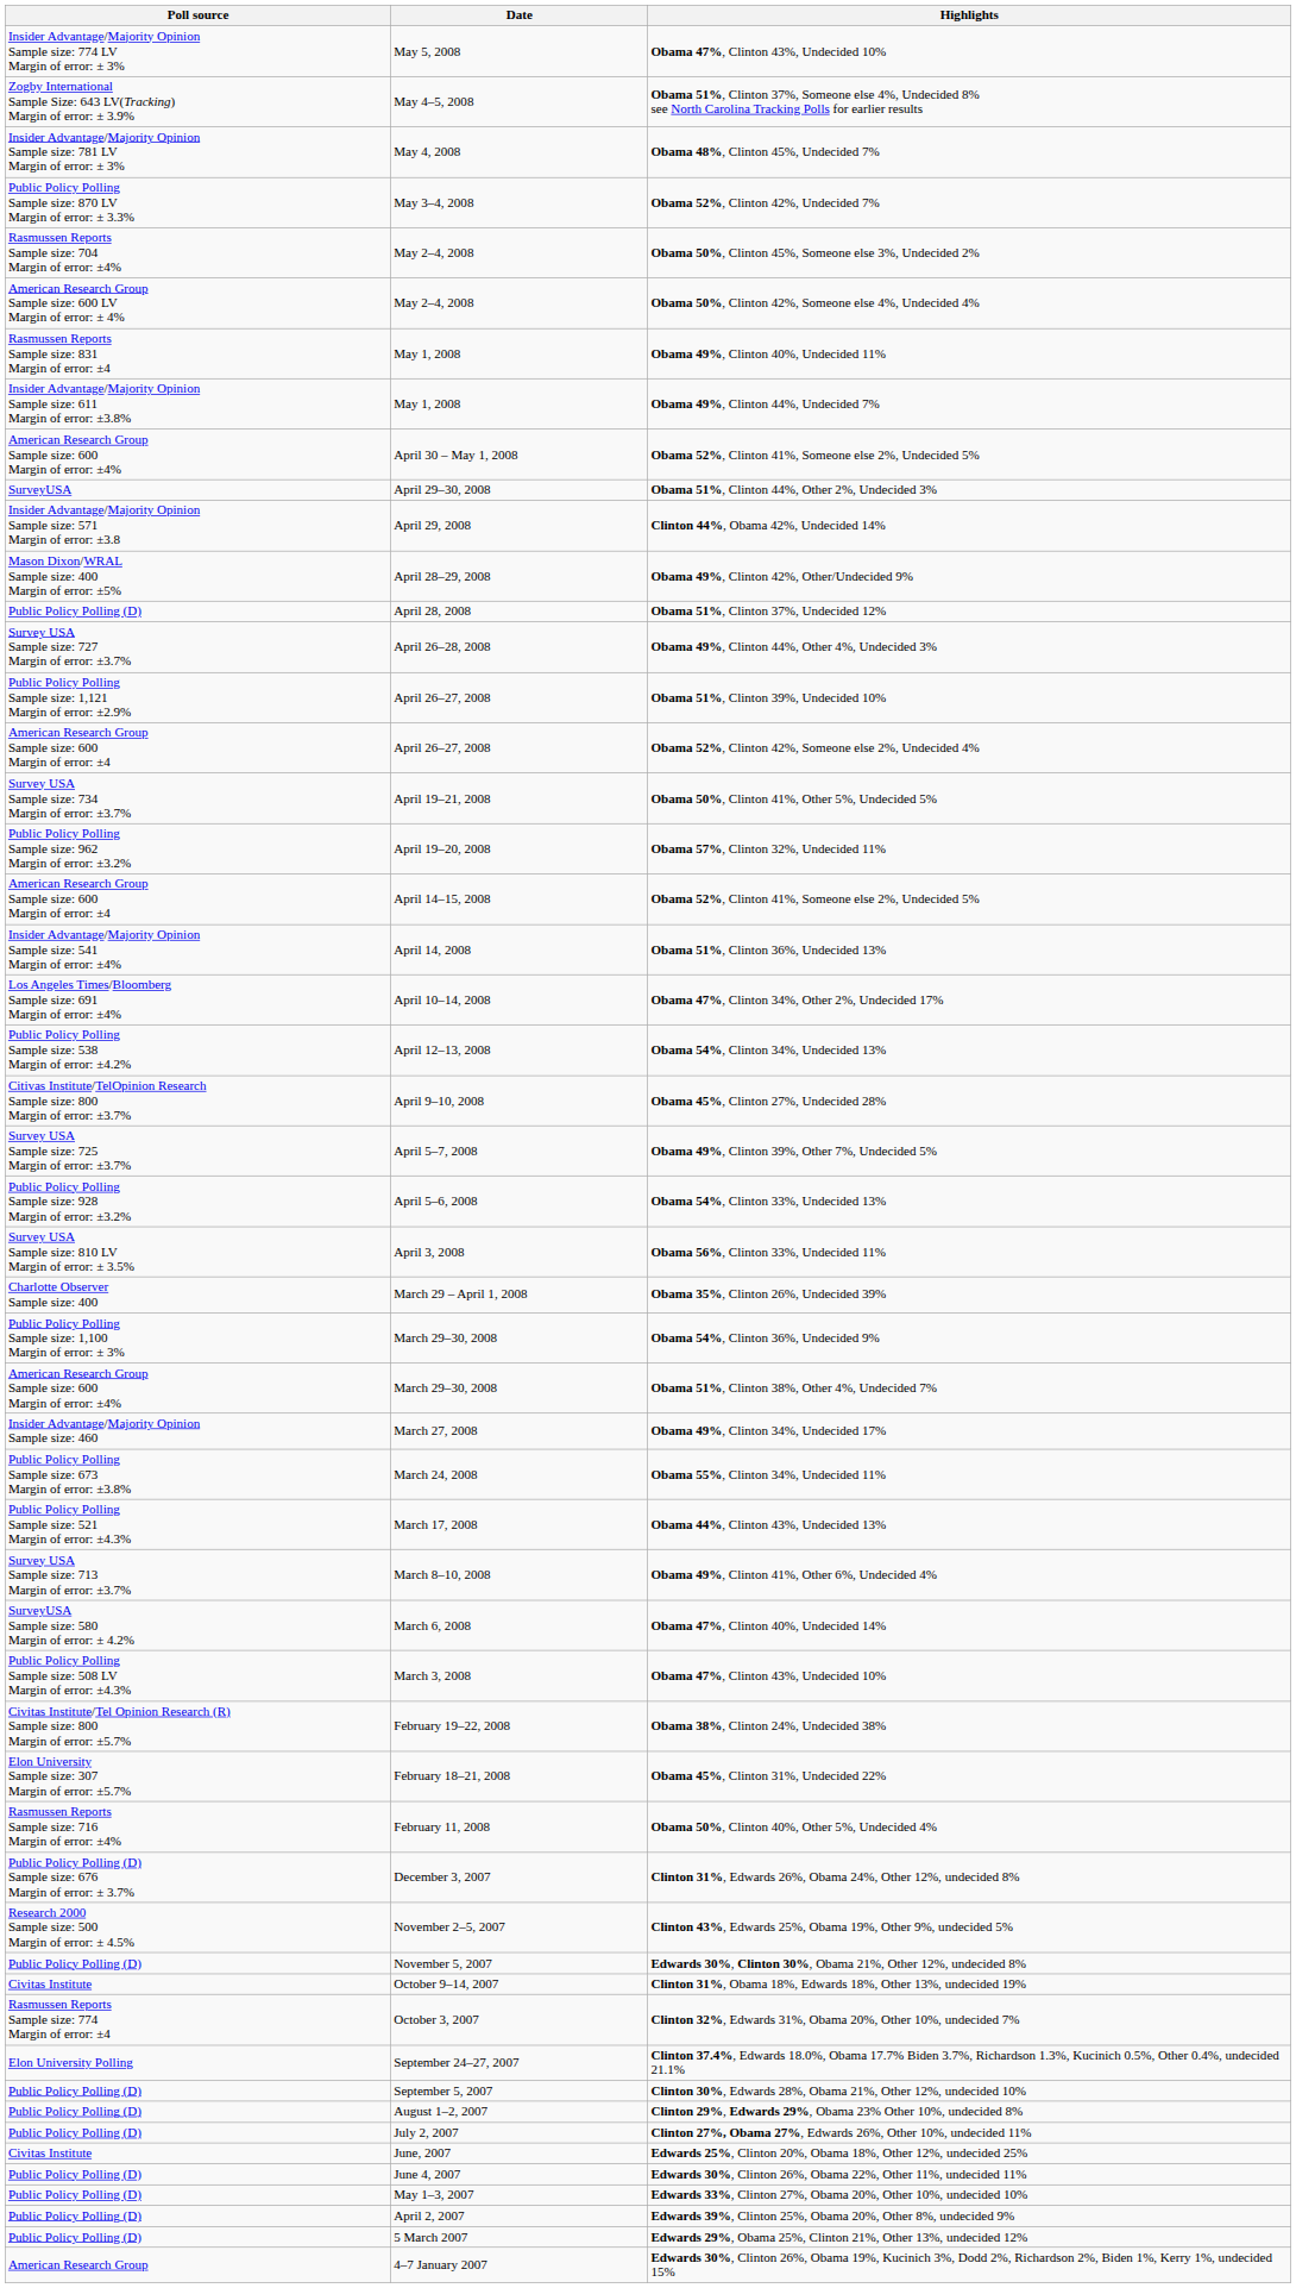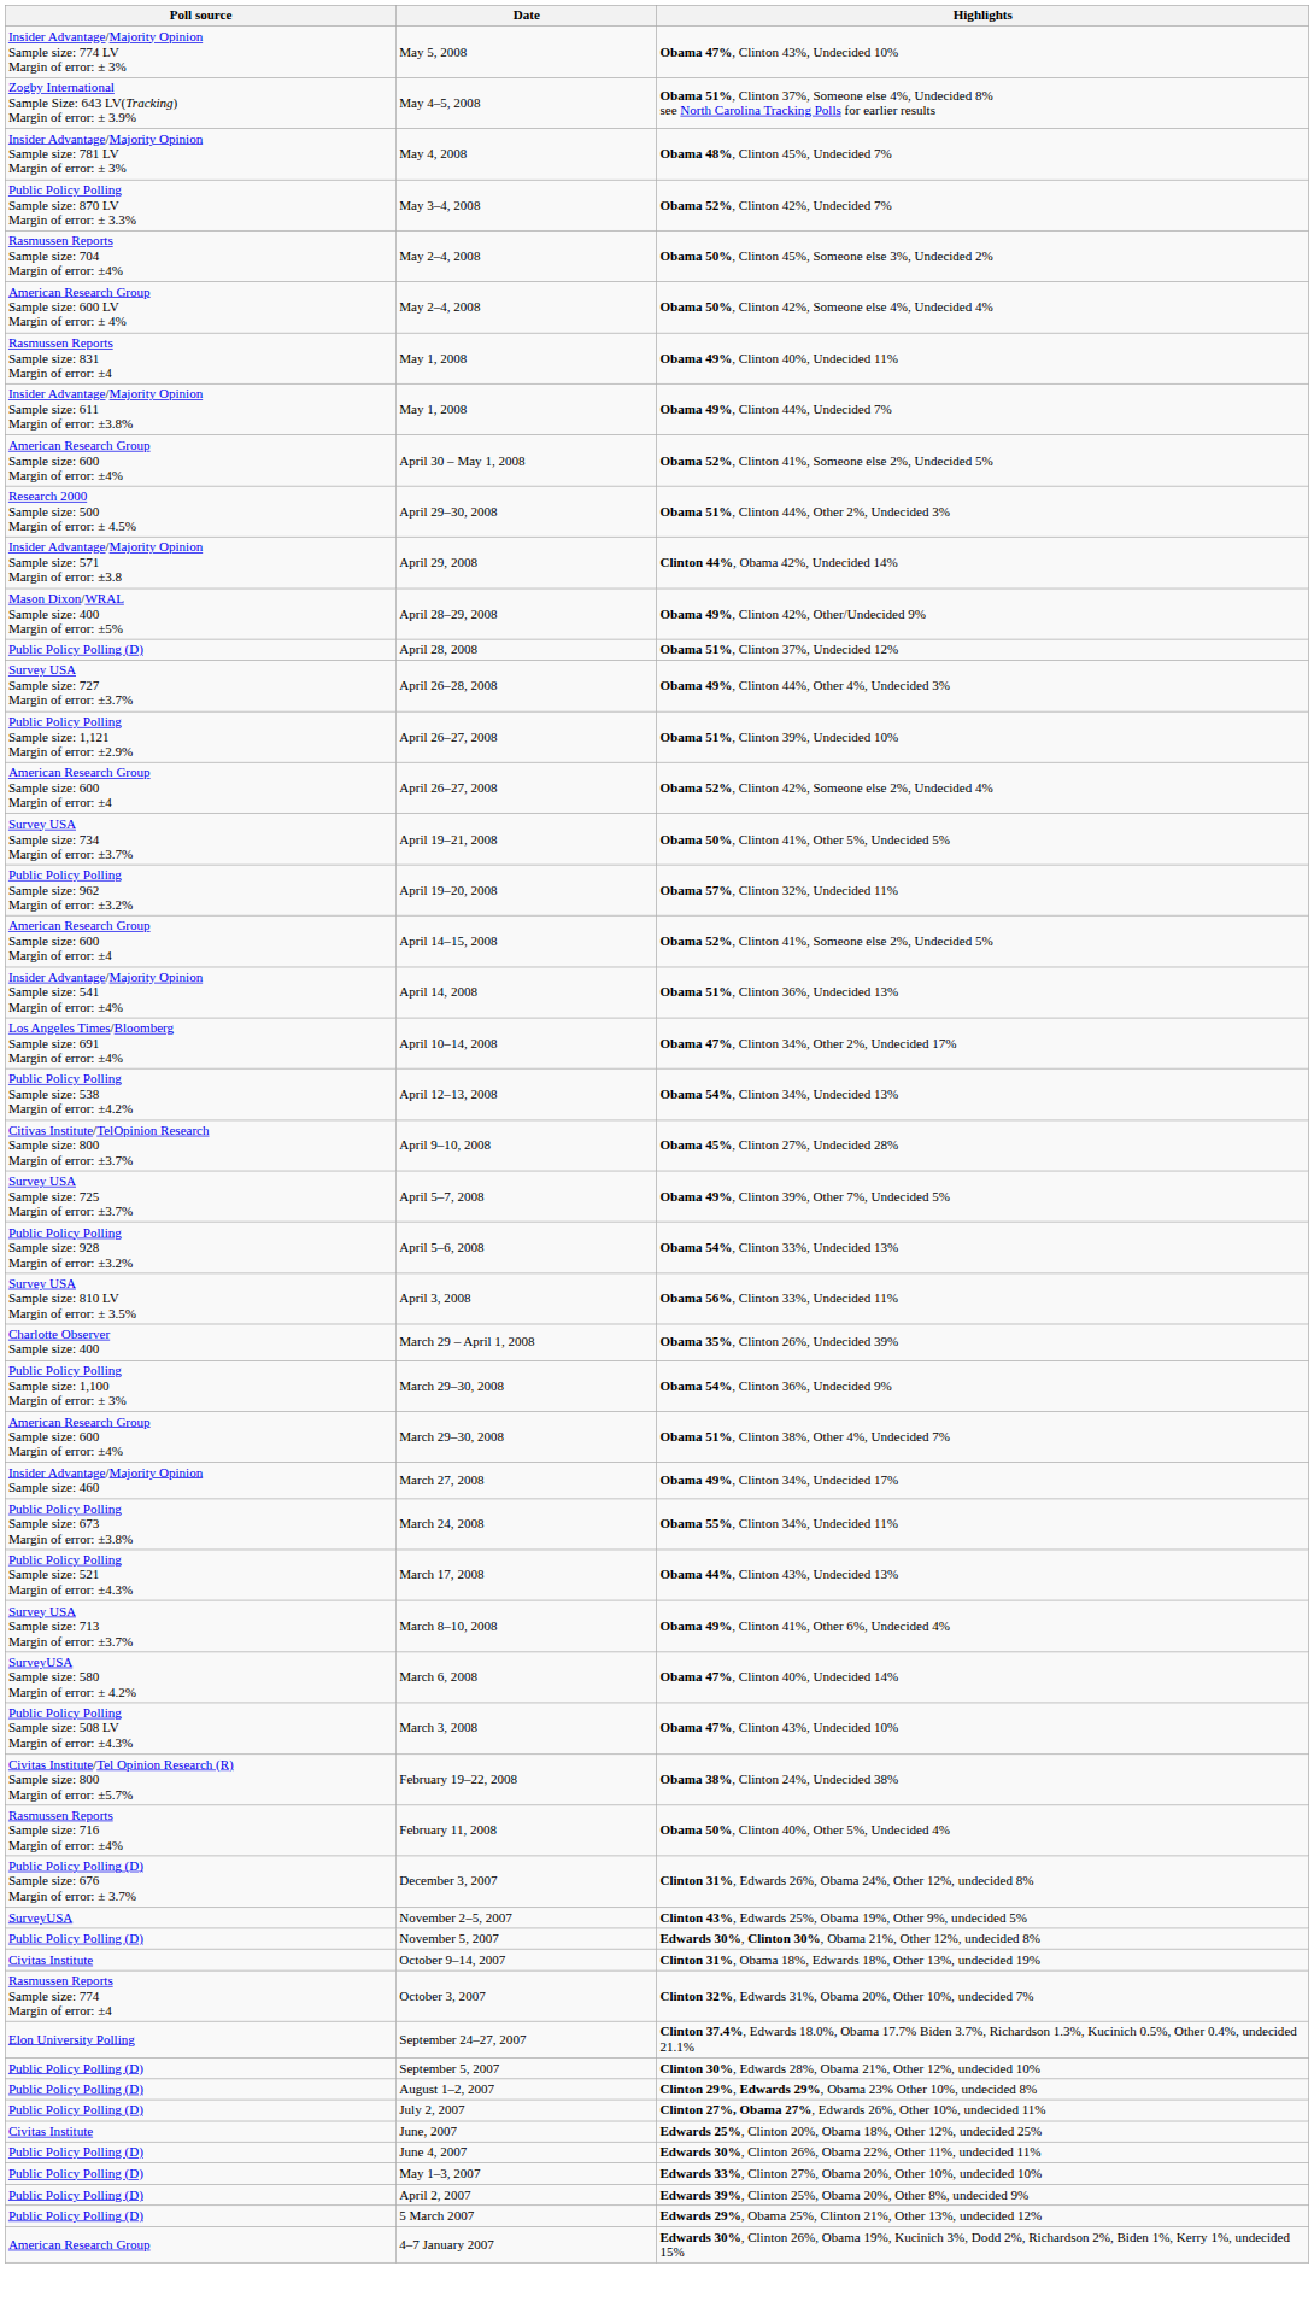 <table class="wikitable sortable">
 <tr>
 <th width="30%">Poll source</th>
 <th width="20%">Date</th>
 <th width="50%">Highlights</th>
 </tr>
 <tr>
 <td><a href='#'>Insider Advantage</a>/<a href='#'>Majority Opinion</a><br>Sample size: 774 LV<br> Margin of error: ± 3%</td>
 <td>May 5, 2008</td>
 <td><strong>Obama 47%</strong>, Clinton 43%, Undecided 10%</td>
 </tr>
 <tr>
 <td><a href='#'>Zogby International</a><br>Sample Size: 643 LV(<em>Tracking</em>)<br> Margin of error: ± 3.9%</td>
 <td>May 4–5, 2008</td>
 <td><strong>Obama 51%</strong>, Clinton 37%, Someone else 4%, Undecided 8%<br>see  <a href='#'>North Carolina Tracking Polls</a> for earlier results</td>
 </tr>
 <tr>
 <td><a href='#'>Insider Advantage</a>/<a href='#'>Majority Opinion</a><br>Sample size: 781 LV<br> Margin of error: ± 3%</td>
 <td>May 4, 2008</td>
 <td><strong>Obama 48%</strong>, Clinton 45%, Undecided 7%</td>
 </tr>
 <tr>
 <td><a href='#'>Public Policy Polling</a><br>Sample size: 870 LV<br> Margin of error: ± 3.3%</td>
 <td>May 3–4, 2008</td>
 <td><strong>Obama 52%</strong>, Clinton 42%, Undecided 7%</td>
 </tr>
 <tr>
 <td><a href='#'>Rasmussen Reports</a><br>Sample size: 704<br> Margin of error: ±4%</td>
 <td>May 2–4, 2008</td>
 <td><strong>Obama 50%</strong>, Clinton 45%, Someone else 3%, Undecided 2%</td>
 </tr>
 <tr>
 <td><a href='#'>American Research Group</a><br>Sample size: 600 LV<br> Margin of error: ± 4%</td>
 <td>May 2–4, 2008</td>
 <td><strong>Obama 50%</strong>, Clinton 42%, Someone else 4%, Undecided 4%</td>
 </tr>
 <tr>
 <td><a href='#'>Rasmussen Reports</a><br>Sample size: 831 <br> Margin of error: ±4</td>
 <td>May 1, 2008</td>
 <td><strong>Obama 49%</strong>, Clinton 40%, Undecided 11%</td>
 </tr>
 <tr>
 <td><a href='#'>Insider Advantage</a>/<a href='#'>Majority Opinion</a><br>Sample size: 611<br> Margin of error: ±3.8%</td>
 <td>May 1, 2008</td>
 <td><strong>Obama 49%</strong>, Clinton 44%, Undecided 7%</td>
 </tr>
 <tr>
 <td><a href='#'>American Research Group</a><br>Sample size: 600<br> Margin of error: ±4%</td>
 <td>April 30 – May 1, 2008</td>
 <td><strong>Obama 52%</strong>, Clinton 41%, Someone else 2%, Undecided 5%</td>
 </tr>
 <tr>
-<td><a href='#'>SurveyUSA</a></td>
+<td><a href='#'>Research 2000</a><br>Sample size: 500<br> Margin of error: ± 4.5%</td>
 <td>April 29–30, 2008</td>
 <td><strong>Obama 51%</strong>, Clinton 44%, Other 2%, Undecided 3%</td>
 </tr>
 <tr>
 <td><a href='#'>Insider Advantage</a>/<a href='#'>Majority Opinion</a><br>Sample size: 571 <br> Margin of error: ±3.8</td>
 <td>April 29, 2008</td>
 <td><strong>Clinton 44%</strong>, Obama 42%, Undecided 14%</td>
 </tr>
 <tr>
 <td><a href='#'>Mason Dixon</a>/<a href='#'>WRAL</a><br>Sample size: 400<br> Margin of error: ±5%</td>
 <td>April 28–29, 2008</td>
 <td><strong>Obama 49%</strong>, Clinton 42%, Other/Undecided 9%</td>
 </tr>
 <tr>
 <td><a href='#'>Public Policy Polling (D)</a></td>
 <td>April 28, 2008</td>
 <td><strong>Obama 51%</strong>, Clinton 37%, Undecided 12%</td>
 </tr>
 <tr>
 <td><a href='#'>Survey USA</a><br>Sample size: 727<br> Margin of error: ±3.7%</td>
 <td>April 26–28, 2008</td>
 <td><strong>Obama 49%</strong>, Clinton 44%, Other 4%, Undecided 3%</td>
 </tr>
 <tr>
 <td><a href='#'>Public Policy Polling</a><br>Sample size: 1,121<br> Margin of error: ±2.9%</td>
 <td>April 26–27, 2008</td>
 <td><strong>Obama 51%</strong>, Clinton 39%, Undecided 10%</td>
 </tr>
 <tr>
 <td><a href='#'>American Research Group</a><br>Sample size: 600<br> Margin of error: ±4</td>
 <td>April 26–27, 2008</td>
 <td><strong>Obama 52%</strong>, Clinton 42%, Someone else 2%, Undecided 4%</td>
 </tr>
 <tr>
 <td><a href='#'>Survey USA</a><br>Sample size: 734<br> Margin of error: ±3.7%</td>
 <td>April 19–21, 2008</td>
 <td><strong>Obama 50%</strong>, Clinton 41%, Other 5%, Undecided 5%</td>
 </tr>
 <tr>
 <td><a href='#'>Public Policy Polling</a><br>Sample size: 962<br> Margin of error: ±3.2%</td>
 <td>April 19–20, 2008</td>
 <td><strong>Obama 57%</strong>, Clinton 32%, Undecided 11%</td>
 </tr>
 <tr>
 <td><a href='#'>American Research Group</a><br>Sample size: 600<br> Margin of error: ±4</td>
 <td>April 14–15, 2008</td>
 <td><strong>Obama 52%</strong>, Clinton 41%, Someone else 2%, Undecided 5%</td>
 </tr>
 <tr>
 <td><a href='#'>Insider Advantage</a>/<a href='#'>Majority Opinion</a><br>Sample size: 541<br> Margin of error: ±4%</td>
 <td>April 14, 2008</td>
 <td><strong>Obama 51%</strong>, Clinton 36%, Undecided 13%</td>
 </tr>
 <tr>
 <td><a href='#'>Los Angeles Times</a>/<a href='#'>Bloomberg</a><br>Sample size: 691<br> Margin of error: ±4%</td>
 <td>April 10–14, 2008</td>
 <td><strong>Obama 47%</strong>, Clinton 34%, Other 2%, Undecided 17%</td>
 </tr>
 <tr>
 <td><a href='#'>Public Policy Polling</a><br>Sample size: 538<br> Margin of error: ±4.2%</td>
 <td>April 12–13, 2008</td>
 <td><strong>Obama 54%</strong>, Clinton 34%, Undecided 13%</td>
 </tr>
 <tr>
 <td><a href='#'>Citivas Institute</a>/<a href='#'>TelOpinion Research</a><br>Sample size: 800<br> Margin of error: ±3.7%</td>
 <td>April 9–10, 2008</td>
 <td><strong>Obama 45%</strong>, Clinton 27%, Undecided 28%</td>
 </tr>
 <tr>
 <td><a href='#'>Survey USA</a><br>Sample size: 725<br> Margin of error: ±3.7%</td>
 <td>April 5–7, 2008</td>
 <td><strong>Obama 49%</strong>, Clinton 39%, Other 7%, Undecided 5%</td>
 </tr>
 <tr>
 <td><a href='#'>Public Policy Polling</a><br>Sample size: 928<br> Margin of error: ±3.2%</td>
 <td>April 5–6, 2008</td>
 <td><strong>Obama 54%</strong>, Clinton 33%, Undecided 13%</td>
 </tr>
 <tr>
 <td><a href='#'>Survey USA</a><br>Sample size: 810 LV<br> Margin of error: ± 3.5%</td>
 <td>April 3, 2008</td>
 <td><strong>Obama 56%</strong>, Clinton 33%, Undecided 11%</td>
 </tr>
 <tr>
 <td><a href='#'>Charlotte Observer</a><br>Sample size: 400</td>
 <td>March 29 – April 1, 2008</td>
 <td><strong>Obama 35%</strong>, Clinton 26%, Undecided 39%</td>
 </tr>
 <tr>
 <td><a href='#'>Public Policy Polling</a><br>Sample size: 1,100<br> Margin of error: ± 3%</td>
 <td>March 29–30, 2008</td>
 <td><strong>Obama 54%</strong>, Clinton 36%, Undecided 9%</td>
 </tr>
 <tr>
 <td><a href='#'>American Research Group</a><br>Sample size: 600<br> Margin of error: ±4%</td>
 <td>March 29–30, 2008</td>
 <td><strong>Obama 51%</strong>, Clinton 38%, Other 4%, Undecided 7%</td>
 </tr>
 <tr>
 <td><a href='#'>Insider Advantage</a>/<a href='#'>Majority Opinion</a><br>Sample size: 460</td>
 <td>March 27, 2008</td>
 <td><strong>Obama 49%</strong>, Clinton 34%, Undecided 17%</td>
 </tr>
 <tr>
 <td><a href='#'>Public Policy Polling</a><br>Sample size: 673<br> Margin of error: ±3.8%</td>
 <td>March 24, 2008</td>
 <td><strong>Obama 55%</strong>, Clinton 34%, Undecided 11%</td>
 </tr>
 <tr>
 <td><a href='#'>Public Policy Polling</a><br>Sample size: 521<br> Margin of error: ±4.3%</td>
 <td>March 17, 2008</td>
 <td><strong>Obama 44%</strong>, Clinton 43%, Undecided 13%</td>
 </tr>
 <tr>
 <td><a href='#'>Survey USA</a><br>Sample size: 713<br> Margin of error: ±3.7%</td>
 <td>March 8–10, 2008</td>
 <td><strong>Obama 49%</strong>, Clinton 41%, Other 6%, Undecided 4%</td>
 </tr>
 <tr>
 <td><a href='#'>SurveyUSA</a><br>Sample size: 580<br> Margin of error: ± 4.2%</td>
 <td>March 6, 2008</td>
 <td><strong>Obama 47%</strong>, Clinton 40%, Undecided 14%</td>
 </tr>
 <tr>
 <td><a href='#'>Public Policy Polling</a><br>Sample size: 508 LV<br> Margin of error: ±4.3%</td>
 <td>March 3, 2008</td>
 <td><strong>Obama 47%</strong>, Clinton 43%, Undecided 10%</td>
 </tr>
 <tr>
 <td><a href='#'>Civitas Institute</a>/<a href='#'>Tel Opinion Research (R)</a><br>Sample size: 800<br> Margin of error: ±5.7%</td>
 <td>February 19–22, 2008</td>
 <td><strong>Obama 38%</strong>, Clinton 24%, Undecided 38%</td>
 </tr>
 <tr>
-<td><a href='#'>Elon University</a><br>Sample size: 307<br> Margin of error: ±5.7%</td>
-<td>February 18–21, 2008</td>
-<td><strong>Obama 45%</strong>, Clinton 31%, Undecided 22%</td>
-</tr>
-<tr>
 <td><a href='#'>Rasmussen Reports</a><br>Sample size: 716<br> Margin of error: ±4%</td>
 <td>February 11, 2008</td>
 <td><strong>Obama 50%</strong>, Clinton 40%, Other 5%, Undecided 4%</td>
 </tr>
 <tr>
 <td><a href='#'>Public Policy Polling (D)</a><br>Sample size: 676<br> Margin of error: ± 3.7%</td>
 <td>December 3, 2007</td>
 <td><strong>Clinton 31%</strong>, Edwards 26%, Obama 24%, Other 12%, undecided 8%</td>
 </tr>
 <tr>
-<td><a href='#'>Research 2000</a><br>Sample size: 500<br> Margin of error: ± 4.5%</td>
+<td><a href='#'>SurveyUSA</a></td>
 <td>November 2–5, 2007</td>
 <td><strong>Clinton 43%</strong>, Edwards 25%, Obama 19%, Other 9%, undecided 5%</td>
 </tr>
 <tr>
 <td><a href='#'>Public Policy Polling (D)</a></td>
 <td>November 5, 2007</td>
 <td><strong>Edwards 30%</strong>, <strong>Clinton 30%</strong>,  Obama 21%, Other 12%, undecided 8%</td>
 </tr>
 <tr>
 <td><a href='#'>Civitas Institute</a></td>
 <td>October 9–14, 2007</td>
 <td><strong>Clinton 31%</strong>, Obama 18%, Edwards 18%, Other 13%, undecided 19%</td>
 </tr>
 <tr>
 <td><a href='#'>Rasmussen Reports</a><br>Sample size: 774 <br> Margin of error: ±4</td>
 <td>October 3, 2007</td>
 <td><strong>Clinton 32%</strong>, Edwards 31%, Obama 20%, Other 10%, undecided 7%</td>
 </tr>
 <tr>
 <td><a href='#'>Elon University Polling</a></td>
 <td>September 24–27, 2007</td>
 <td><strong>Clinton 37.4%</strong>, Edwards 18.0%, Obama 17.7% Biden 3.7%, Richardson 1.3%, Kucinich 0.5%, Other 0.4%, undecided 21.1%</td>
 </tr>
 <tr>
 <td><a href='#'>Public Policy Polling (D)</a></td>
 <td>September 5, 2007</td>
 <td><strong>Clinton 30%</strong>, Edwards 28%, Obama 21%, Other 12%, undecided 10%</td>
 </tr>
 <tr>
 <td><a href='#'>Public Policy Polling (D)</a></td>
 <td>August 1–2, 2007</td>
 <td><strong>Clinton 29%</strong>, <strong>Edwards 29%</strong>, Obama 23% Other 10%, undecided 8%</td>
 </tr>
 <tr>
 <td><a href='#'>Public Policy Polling (D)</a></td>
 <td>July 2, 2007</td>
 <td><strong>Clinton 27%, Obama 27%</strong>, Edwards 26%, Other 10%, undecided 11%</td>
 </tr>
 <tr>
 <td><a href='#'>Civitas Institute</a></td>
 <td>June, 2007</td>
 <td><strong>Edwards 25%</strong>, Clinton 20%, Obama 18%, Other 12%, undecided 25%</td>
 </tr>
 <tr>
 <td><a href='#'>Public Policy Polling (D)</a></td>
 <td>June 4, 2007</td>
 <td><strong>Edwards 30%</strong>, Clinton 26%, Obama 22%, Other 11%, undecided 11%</td>
 </tr>
 <tr>
 <td><a href='#'>Public Policy Polling (D)</a></td>
 <td>May 1–3, 2007</td>
 <td><strong>Edwards 33%</strong>, Clinton 27%, Obama 20%, Other 10%, undecided 10%</td>
 </tr>
 <tr>
 <td><a href='#'>Public Policy Polling (D)</a></td>
 <td>April 2, 2007</td>
 <td><strong>Edwards 39%</strong>, Clinton 25%, Obama 20%, Other 8%, undecided 9%</td>
 </tr>
 <tr>
 <td><a href='#'>Public Policy Polling (D)</a></td>
 <td>5 March 2007</td>
 <td><strong>Edwards 29%</strong>, Obama 25%, Clinton 21%, Other 13%, undecided 12%</td>
 </tr>
 <tr>
 <td><a href='#'>American Research Group</a></td>
 <td>4–7 January 2007</td>
 <td><strong>Edwards 30%</strong>, Clinton 26%, Obama 19%, Kucinich 3%, Dodd 2%, Richardson 2%, Biden 1%, Kerry 1%, undecided 15%</td>
 </tr>
 </table>
